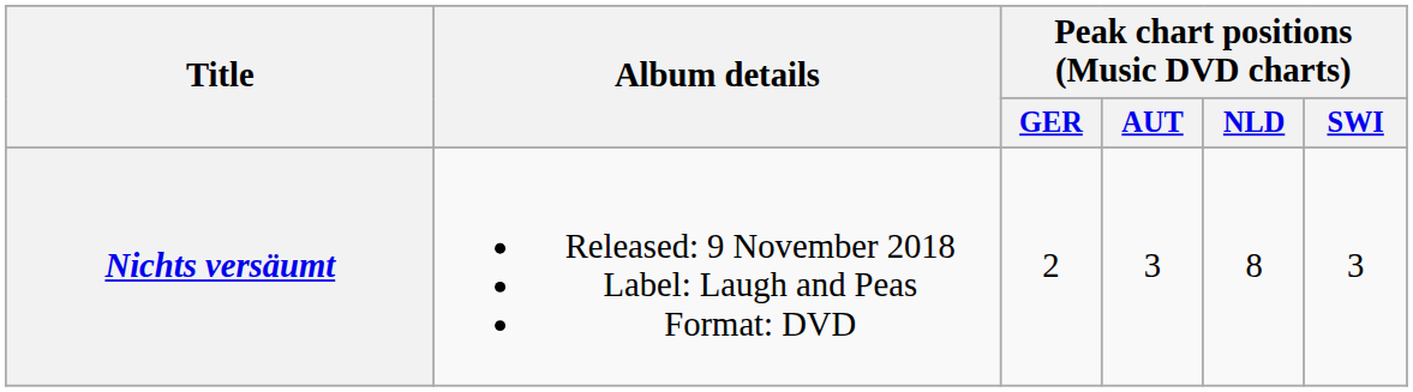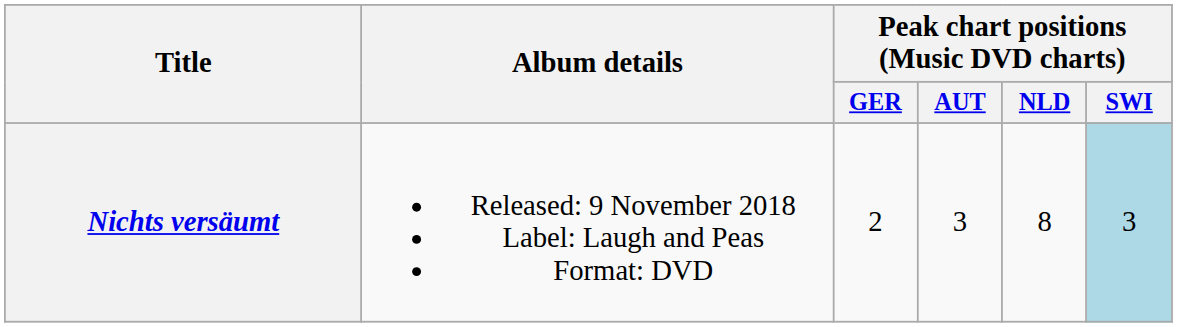 <table class="wikitable plainrowheaders" style="text-align:center;" border="1">
 <tr>
 <th scope="col" rowspan="2" style="width:12em;">Title</th>
 <th scope="col" rowspan="2" style="width:16em;">Album details</th>
 <th scope="col" colspan="4">Peak chart positions (Music DVD charts)</th>
 </tr>
 <tr>
 <th style="width:3em;font-size:85%"><a href='#'>GER</a><br></th>
 <th style="width:3em;font-size:85%"><a href='#'>AUT</a><br></th>
 <th style="width:3em;font-size:85%"><a href='#'>NLD</a><br></th>
 <th style="width:3em;font-size:85%"><a href='#'>SWI</a><br></th>
 </tr>
 <tr>
 <th scope="row"><em><a href='#'>Nichts versäumt</a></em></th>
 <td><br><ul><li>Released: 9 November 2018</li><li>Label: Laugh and Peas</li><li>Format: DVD</li></ul></td>
 <td>2</td>
 <td>3</td>
 <td>8</td>
-<td>3</td>
+<td style="background: lightblue;">3</td>
 </tr>
 </table>
